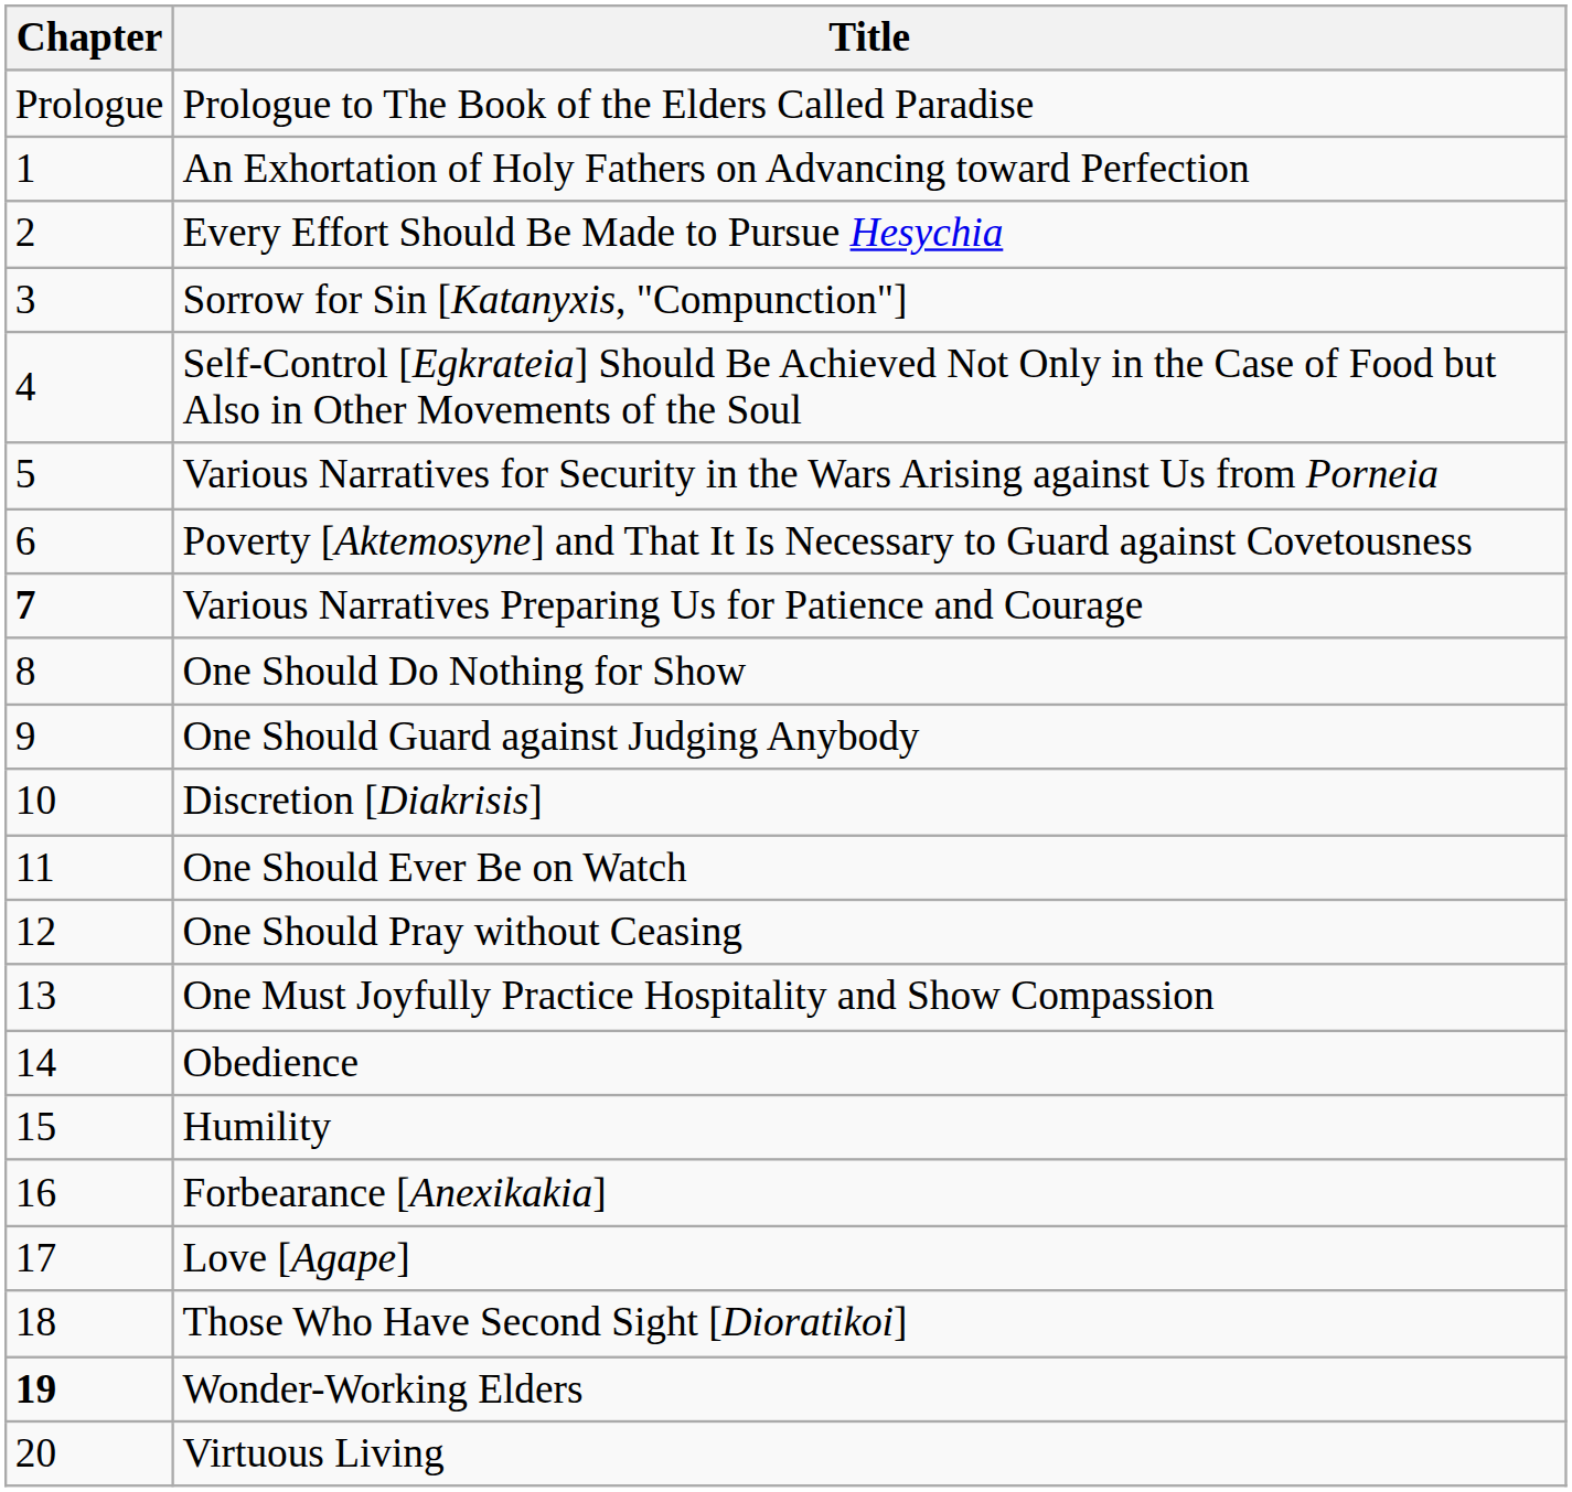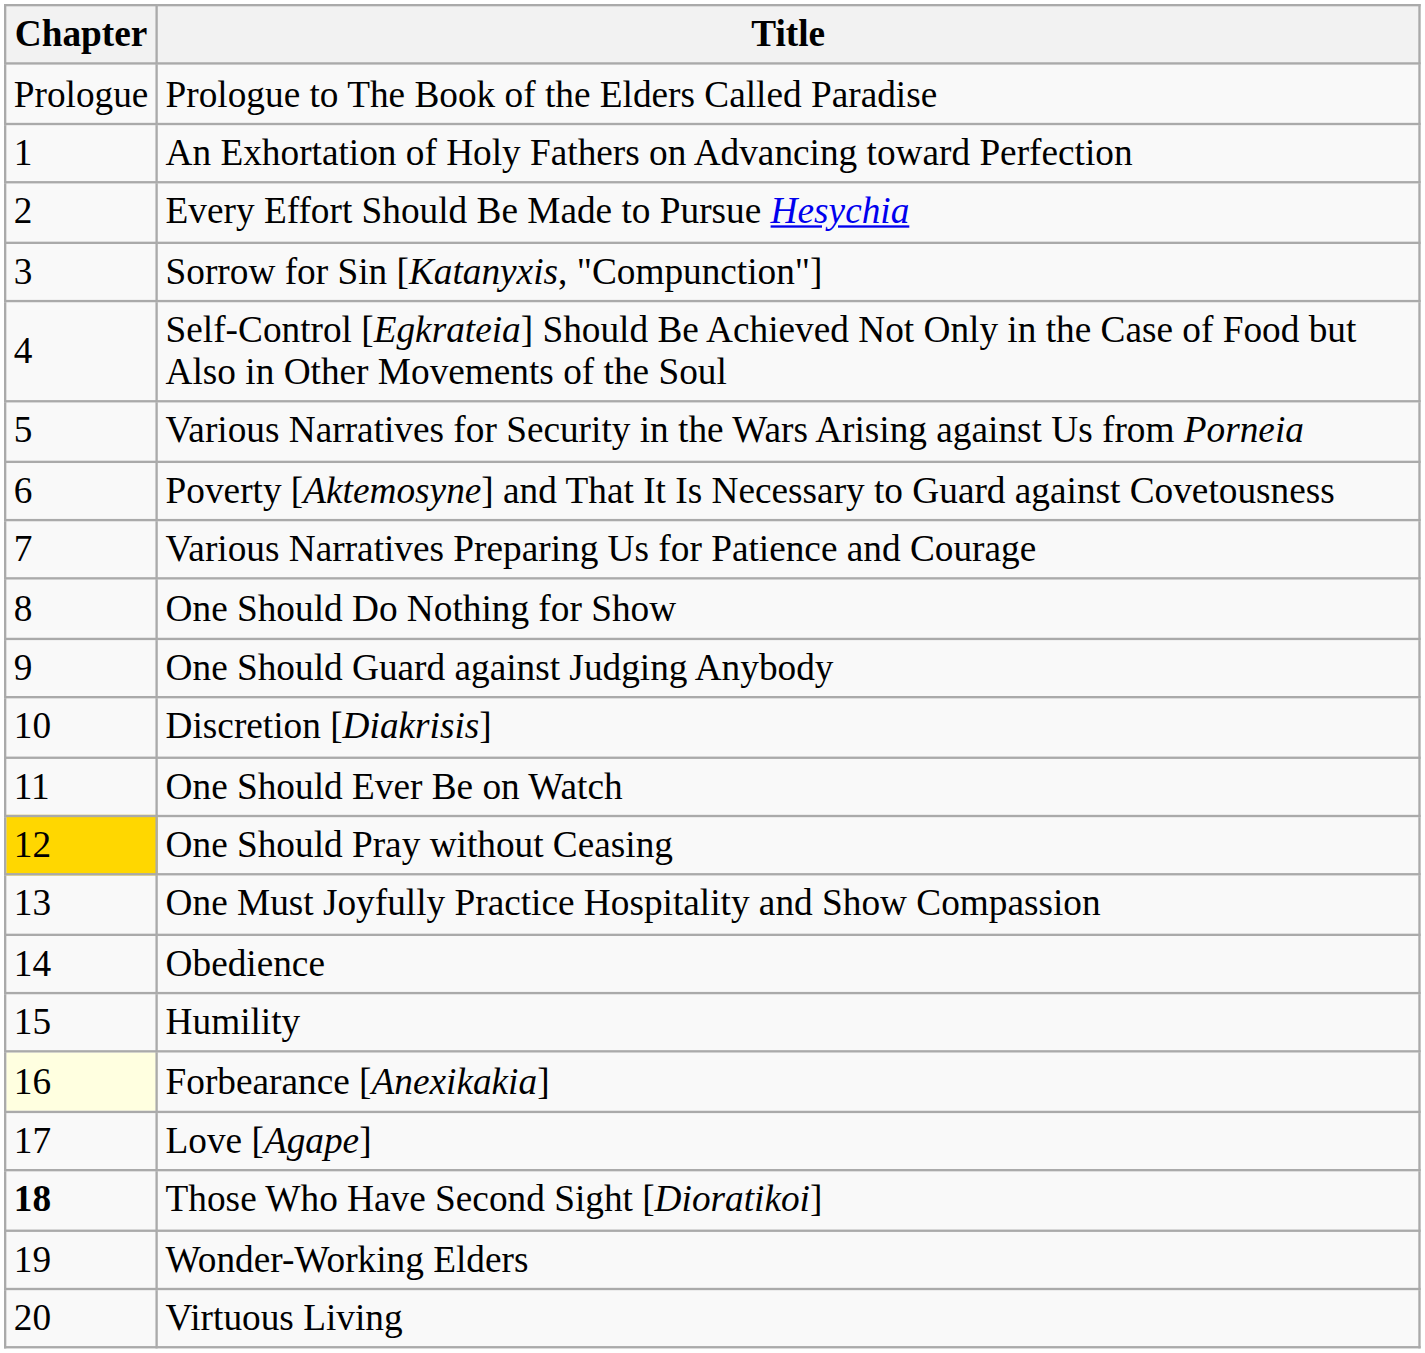 <table class="wikitable">
 <tr>
 <th>Chapter</th>
 <th>Title</th>
 </tr>
 <tr>
 <td>Prologue</td>
 <td>Prologue to The Book of the Elders Called Paradise</td>
 </tr>
 <tr>
 <td>1</td>
 <td>An Exhortation of Holy Fathers on Advancing toward Perfection</td>
 </tr>
 <tr>
 <td>2</td>
 <td>Every Effort Should Be Made to Pursue <em><a href='#'>Hesychia</a></em></td>
 </tr>
 <tr>
 <td>3</td>
 <td>Sorrow for Sin [<em>Katanyxis</em>, "Compunction"]</td>
 </tr>
 <tr>
 <td>4</td>
 <td>Self-Control [<em>Egkrateia</em>] Should Be Achieved Not Only in the Case of Food but Also in Other Movements of the Soul</td>
 </tr>
 <tr>
 <td>5</td>
 <td>Various Narratives for Security in the Wars Arising against Us from <em>Porneia</em></td>
 </tr>
 <tr>
 <td>6</td>
 <td>Poverty [<em>Aktemosyne</em>] and That It Is Necessary to Guard against Covetousness</td>
 </tr>
 <tr>
-<td><strong>7</strong></td>
+<td>7</td>
 <td>Various Narratives Preparing Us for Patience and Courage</td>
 </tr>
 <tr>
 <td>8</td>
 <td>One Should Do Nothing for Show</td>
 </tr>
 <tr>
 <td>9</td>
 <td>One Should Guard against Judging Anybody</td>
 </tr>
 <tr>
 <td>10</td>
 <td>Discretion [<em>Diakrisis</em>]</td>
 </tr>
 <tr>
 <td>11</td>
 <td>One Should Ever Be on Watch</td>
 </tr>
 <tr>
-<td>12</td>
+<td style="background: gold;">12</td>
 <td>One Should Pray without Ceasing</td>
 </tr>
 <tr>
 <td>13</td>
 <td>One Must Joyfully Practice Hospitality and Show Compassion</td>
 </tr>
 <tr>
 <td>14</td>
 <td>Obedience</td>
 </tr>
 <tr>
 <td>15</td>
 <td>Humility</td>
 </tr>
 <tr>
-<td>16</td>
+<td style="background: lightyellow;">16</td>
 <td>Forbearance [<em>Anexikakia</em>]</td>
 </tr>
 <tr>
 <td>17</td>
 <td>Love [<em>Agape</em>]</td>
 </tr>
 <tr>
-<td>18</td>
+<td><strong>18</strong></td>
 <td>Those Who Have Second Sight [<em>Dioratikoi</em>]</td>
 </tr>
 <tr>
-<td><strong>19</strong></td>
+<td>19</td>
 <td>Wonder-Working Elders</td>
 </tr>
 <tr>
 <td>20</td>
 <td>Virtuous Living</td>
 </tr>
 </table>
